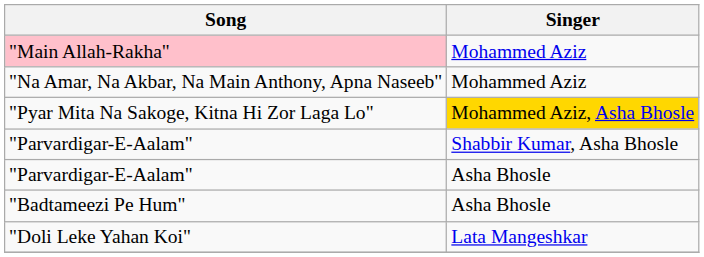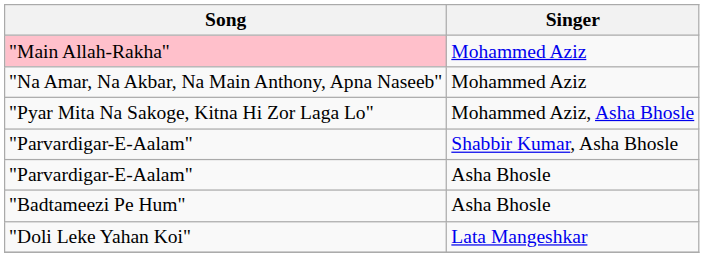 <table class="wikitable">
 <tr>
 <th>Song</th>
 <th>Singer</th>
 </tr>
 <tr>
 <td style="background: pink;">"Main Allah-Rakha"</td>
 <td><a href='#'>Mohammed Aziz</a></td>
 </tr>
 <tr>
 <td>"Na Amar, Na Akbar, Na Main Anthony, Apna Naseeb"</td>
 <td>Mohammed Aziz</td>
 </tr>
 <tr>
 <td>"Pyar Mita Na Sakoge, Kitna Hi Zor Laga Lo"</td>
-<td style="background: gold;">Mohammed Aziz, <a href='#'>Asha Bhosle</a></td>
+<td>Mohammed Aziz, <a href='#'>Asha Bhosle</a></td>
 </tr>
 <tr>
 <td>"Parvardigar-E-Aalam"</td>
 <td><a href='#'>Shabbir Kumar</a>, Asha Bhosle</td>
 </tr>
 <tr>
 <td>"Parvardigar-E-Aalam"</td>
 <td>Asha Bhosle</td>
 </tr>
 <tr>
 <td>"Badtameezi Pe Hum"</td>
 <td>Asha Bhosle</td>
 </tr>
 <tr>
 <td>"Doli Leke Yahan Koi"</td>
 <td><a href='#'>Lata Mangeshkar</a></td>
 </tr>
 <tr>
 </tr>
 </table>
